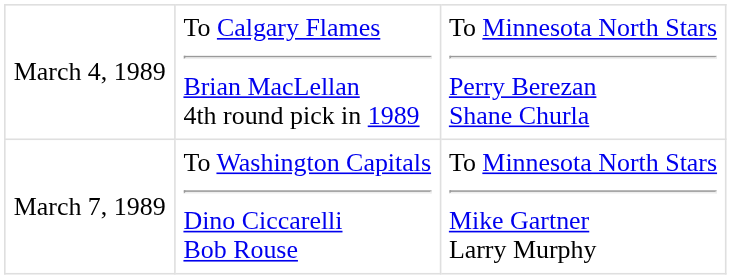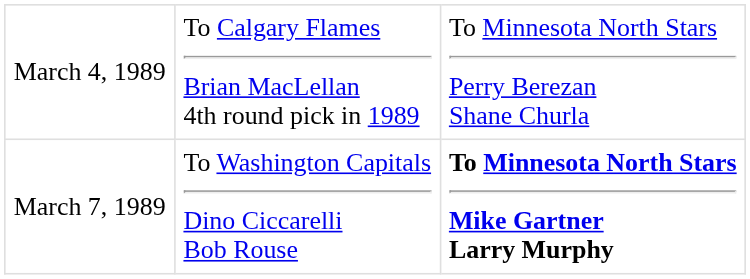 <table border=1 style="border-collapse:collapse" bordercolor="#DFDFDF"  cellpadding="5">
 <tr>
 <td>March 4, 1989</td>
 <td valign="top">To <a href='#'>Calgary Flames</a> <hr><a href='#'>Brian MacLellan</a><br>4th round pick in <a href='#'>1989</a></td>
 <td valign="top">To <a href='#'>Minnesota North Stars</a> <hr><a href='#'>Perry Berezan</a><br><a href='#'>Shane Churla</a></td>
 </tr>
 <tr>
 <td>March 7, 1989</td>
 <td valign="top">To <a href='#'>Washington Capitals</a> <hr><a href='#'>Dino Ciccarelli</a><br><a href='#'>Bob Rouse</a></td>
-<td valign="top">To <a href='#'>Minnesota North Stars</a> <hr><a href='#'>Mike Gartner</a><br>Larry Murphy</td>
+<td valign="top"><strong>To <a href='#'>Minnesota North Stars</a> <hr><a href='#'>Mike Gartner</a><br>Larry Murphy</strong></td>
 </tr>
 </table>
